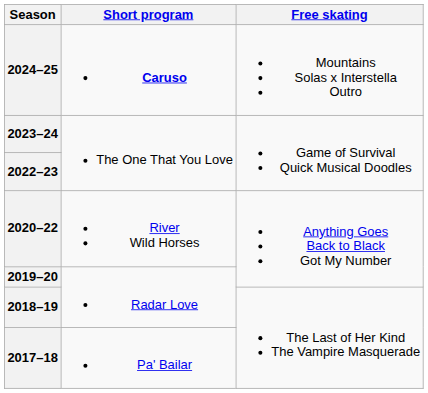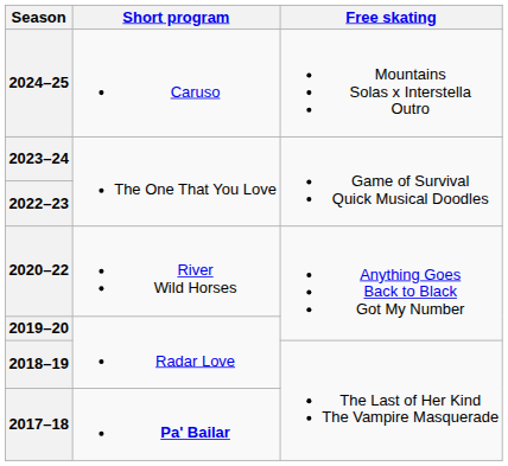 <table class=wikitable style=text-align:center>
 <tr>
 <th>Season</th>
 <th><a href='#'>Short program</a></th>
 <th><a href='#'>Free skating</a></th>
 </tr>
 <tr>
 <th>2024–25 <br> </th>
-<td><strong><br><ul><li><a href='#'>Caruso</a> <br> </li></ul></strong></td>
+<td><br><ul><li><a href='#'>Caruso</a> <br> </li></ul></td>
 <td><br><ul><li>Mountains <br> </li><li>Solas x Interstella <br> </li><li>Outro <br> </li></ul></td>
 </tr>
 <tr>
 <th>2023–24</th>
 <td rowspan=2><br><ul><li>The One That You Love <br> </li></ul></td>
 <td rowspan=2><br><ul><li>Game of Survival <br> </li><li>Quick Musical Doodles <br> </li></ul></td>
 </tr>
 <tr>
 <th>2022–23 <br></th>
 </tr>
 <tr>
 <th>2020–22 <br></th>
 <td><br><ul><li><a href='#'>River</a></li><li>Wild Horses <br> </li></ul></td>
 <td rowspan=2><br><ul><li><a href='#'>Anything Goes</a> <br> </li><li><a href='#'>Back to Black</a> <br> </li><li>Got My Number <br> </li></ul></td>
 </tr>
 <tr>
 <th>2019–20 <br></th>
 <td rowspan=2><br><ul><li><a href='#'>Radar Love</a> <br> </li></ul></td>
 </tr>
 <tr>
 <th>2018–19 <br></th>
 <td rowspan=2><br><ul><li>The Last of Her Kind</li><li>The Vampire Masquerade <br> </li></ul></td>
 </tr>
 <tr>
 <th>2017–18 <br></th>
-<td><br><ul><li><a href='#'>Pa' Bailar</a> <br> </li></ul></td>
+<td><strong><br><ul><li><a href='#'>Pa' Bailar</a> <br> </li></ul></strong></td>
 </tr>
 </table>
